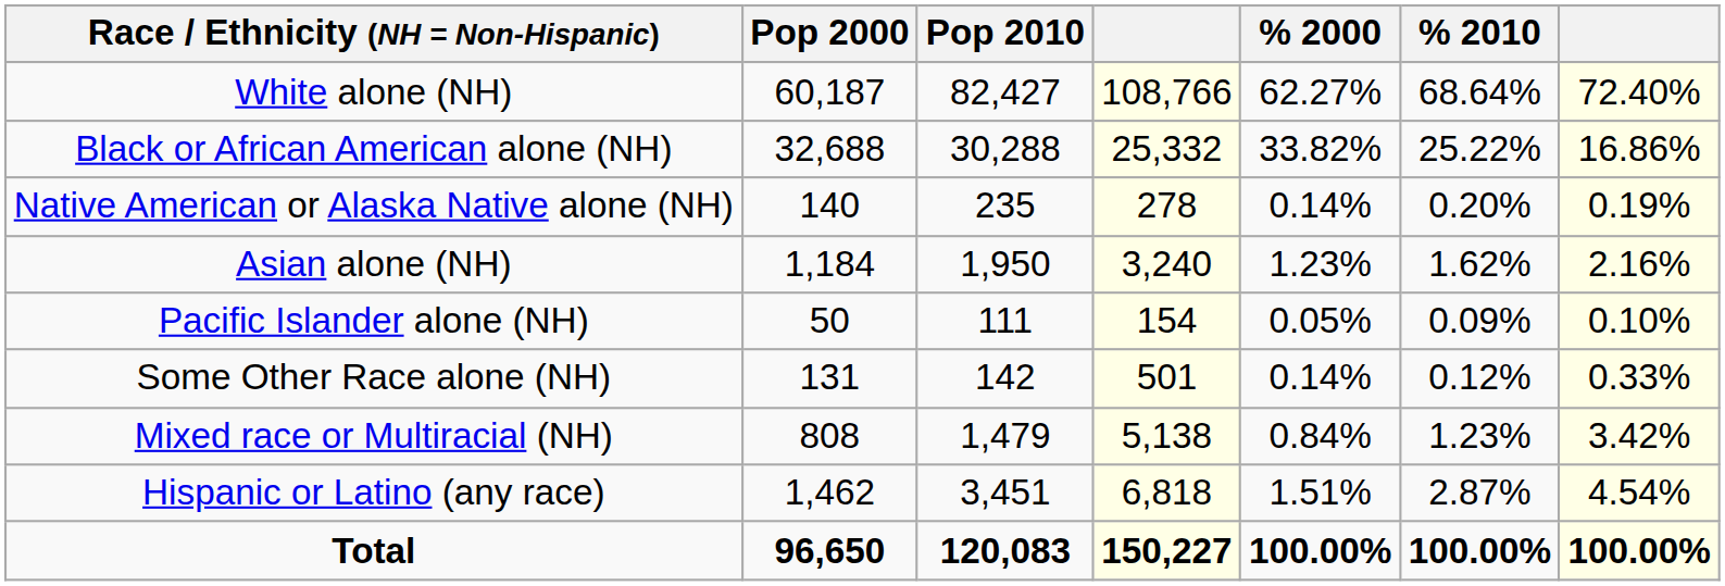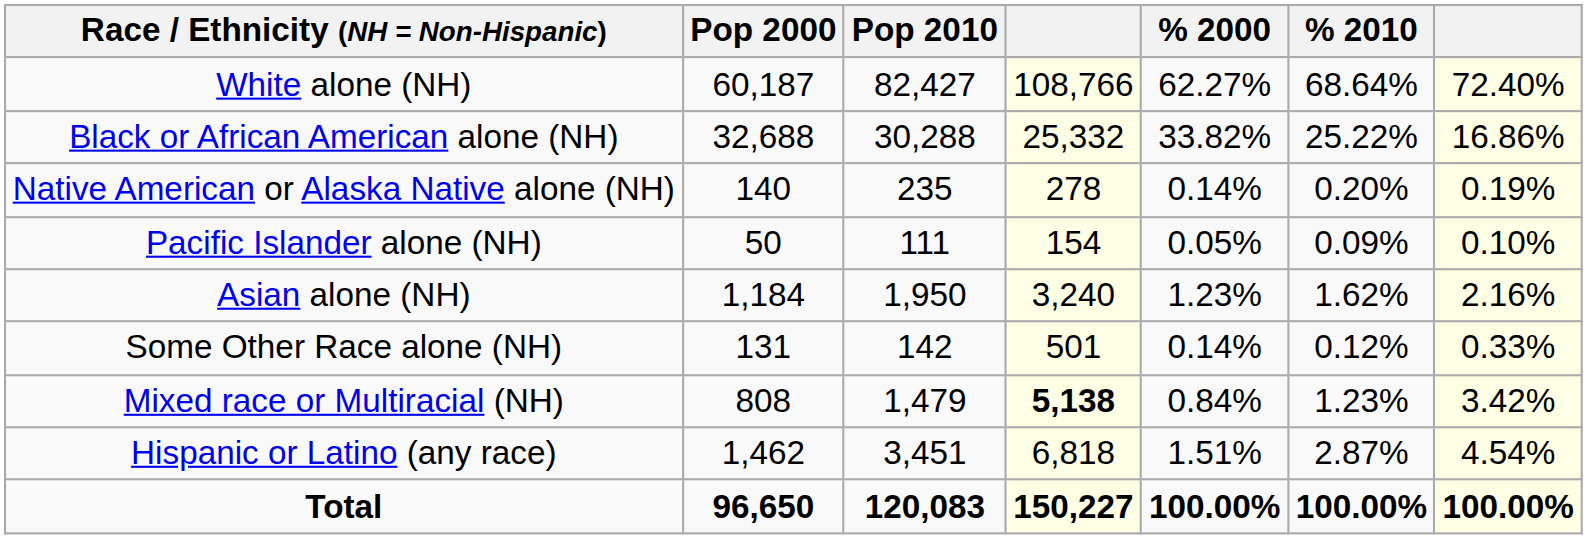 <table class="wikitable" style="text-align:center;">
 <tr>
 <th>Race / Ethnicity <small>(<em>NH = Non-Hispanic</em>)</small></th>
 <th>Pop 2000</th>
 <th>Pop 2010</th>
 <th></th>
 <th>% 2000</th>
 <th>% 2010</th>
 <th></th>
 </tr>
 <tr>
 <td><a href='#'>White</a> alone (NH)</td>
 <td>60,187</td>
 <td>82,427</td>
 <td style='background: #ffffe6;'>108,766</td>
 <td>62.27%</td>
 <td>68.64%</td>
 <td style='background: #ffffe6;'>72.40%</td>
 </tr>
 <tr>
 <td><a href='#'>Black or African American</a> alone (NH)</td>
 <td>32,688</td>
 <td>30,288</td>
 <td style='background: #ffffe6;'>25,332</td>
 <td>33.82%</td>
 <td>25.22%</td>
 <td style='background: #ffffe6;'>16.86%</td>
 </tr>
 <tr>
 <td><a href='#'>Native American</a> or <a href='#'>Alaska Native</a> alone (NH)</td>
 <td>140</td>
 <td>235</td>
 <td style='background: #ffffe6;'>278</td>
 <td>0.14%</td>
 <td>0.20%</td>
 <td style='background: #ffffe6;'>0.19%</td>
 </tr>
 <tr>
+<td><a href='#'>Pacific Islander</a> alone (NH)</td>
+<td>50</td>
+<td>111</td>
+<td style='background: #ffffe6;'>154</td>
+<td>0.05%</td>
+<td>0.09%</td>
+<td style='background: #ffffe6;'>0.10%</td>
+</tr>
+<tr>
 <td><a href='#'>Asian</a> alone (NH)</td>
 <td>1,184</td>
 <td>1,950</td>
 <td style='background: #ffffe6;'>3,240</td>
 <td>1.23%</td>
 <td>1.62%</td>
 <td style='background: #ffffe6;'>2.16%</td>
-</tr>
-<tr>
-<td><a href='#'>Pacific Islander</a> alone (NH)</td>
-<td>50</td>
-<td>111</td>
-<td style='background: #ffffe6;'>154</td>
-<td>0.05%</td>
-<td>0.09%</td>
-<td style='background: #ffffe6;'>0.10%</td>
 </tr>
 <tr>
 <td>Some Other Race alone (NH)</td>
 <td>131</td>
 <td>142</td>
 <td style='background: #ffffe6;'>501</td>
 <td>0.14%</td>
 <td>0.12%</td>
 <td style='background: #ffffe6;'>0.33%</td>
 </tr>
 <tr>
 <td><a href='#'>Mixed race or Multiracial</a> (NH)</td>
 <td>808</td>
 <td>1,479</td>
-<td style='background: #ffffe6;'>5,138</td>
+<td style='background: #ffffe6;'><strong>5,138</strong></td>
 <td>0.84%</td>
 <td>1.23%</td>
 <td style='background: #ffffe6;'>3.42%</td>
 </tr>
 <tr>
 <td><a href='#'>Hispanic or Latino</a> (any race)</td>
 <td>1,462</td>
 <td>3,451</td>
 <td style='background: #ffffe6;'>6,818</td>
 <td>1.51%</td>
 <td>2.87%</td>
 <td style='background: #ffffe6;'>4.54%</td>
 </tr>
 <tr>
 <td><strong>Total</strong></td>
 <td><strong>96,650</strong></td>
 <td><strong>120,083</strong></td>
 <td style='background: #ffffe6;'><strong>150,227</strong></td>
 <td><strong>100.00%</strong></td>
 <td><strong>100.00%</strong></td>
 <td style='background: #ffffe6;'><strong>100.00%</strong></td>
 </tr>
 </table>
